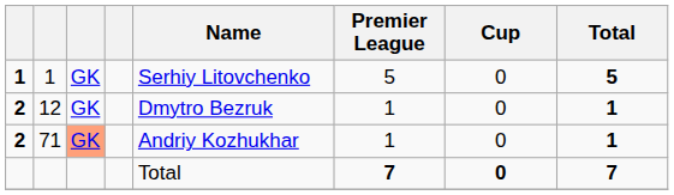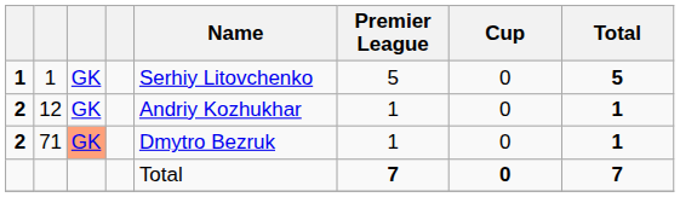 <table class="wikitable" style="text-align:center">
 <tr>
 <th width=15></th>
 <th width=15></th>
 <th width=15></th>
 <th width=15></th>
 <th width=150>Name</th>
 <th width=80><strong>Premier League</strong></th>
 <th width=80><strong>Cup</strong></th>
 <th width=80>Total</th>
 </tr>
 <tr>
 <td><strong>1</strong></td>
 <td>1</td>
 <td><a href='#'>GK</a></td>
 <td></td>
 <td align=left><a href='#'>Serhiy Litovchenko</a></td>
 <td>5</td>
 <td>0</td>
 <td><strong>5</strong></td>
 </tr>
 <tr>
 <td><strong>2</strong></td>
 <td>12</td>
 <td><a href='#'>GK</a></td>
 <td></td>
-<td align=left><a href='#'>Dmytro Bezruk</a></td>
+<td align=left><a href='#'>Andriy Kozhukhar</a></td>
 <td>1</td>
 <td>0</td>
 <td><strong>1</strong></td>
 </tr>
 <tr>
 <td><strong>2</strong></td>
 <td>71</td>
 <td style="background: lightsalmon;"><a href='#'>GK</a></td>
 <td></td>
-<td align=left><a href='#'>Andriy Kozhukhar</a></td>
+<td align=left><a href='#'>Dmytro Bezruk</a></td>
 <td>1</td>
 <td>0</td>
 <td><strong>1</strong></td>
 </tr>
 <tr>
 <td></td>
 <td></td>
 <td></td>
 <td></td>
 <td align=left>Total</td>
 <td><strong>7</strong></td>
 <td><strong>0</strong></td>
 <td><strong>7</strong></td>
 </tr>
 <tr>
 </tr>
 </table>
